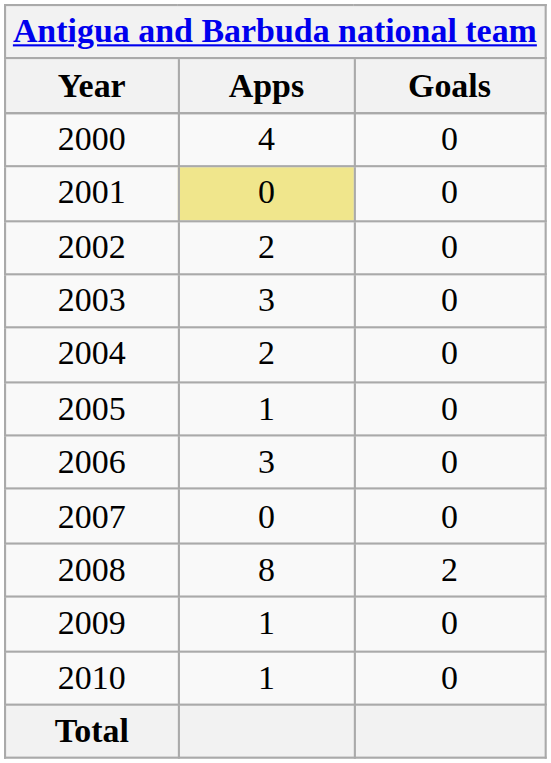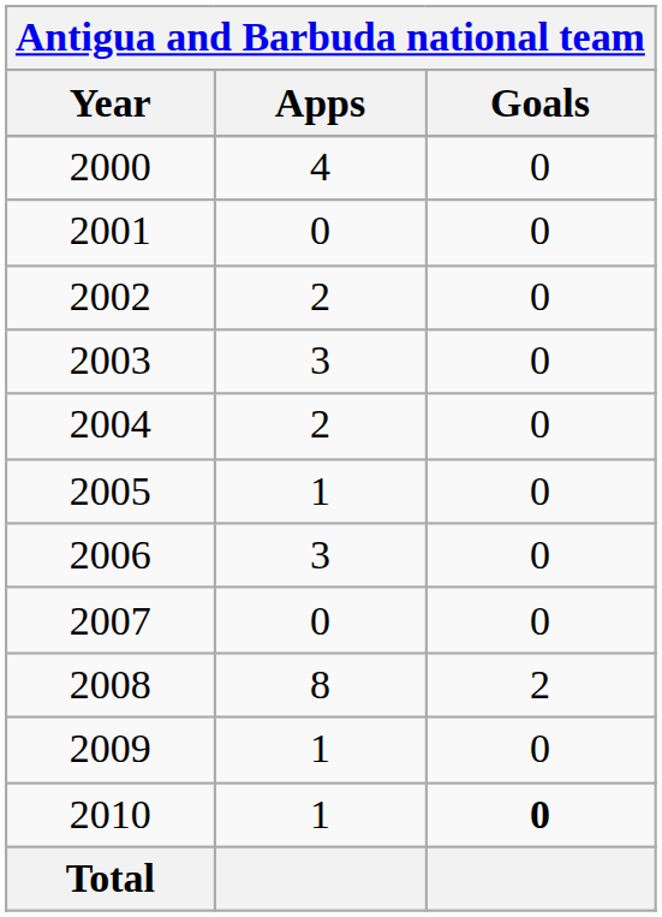 <table class="wikitable" style="text-align:center">
 <tr>
 <th colspan=3><a href='#'>Antigua and Barbuda national team</a></th>
 </tr>
 <tr>
 <th>Year</th>
 <th>Apps</th>
 <th>Goals</th>
 </tr>
 <tr>
 </tr>
 <tr>
 <td>2000</td>
 <td>4</td>
 <td>0</td>
 </tr>
 <tr>
 <td>2001</td>
-<td style="background: khaki;">0</td>
+<td>0</td>
 <td>0</td>
 </tr>
 <tr>
 <td>2002</td>
 <td>2</td>
 <td>0</td>
 </tr>
 <tr>
 <td>2003</td>
 <td>3</td>
 <td>0</td>
 </tr>
 <tr>
 <td>2004</td>
 <td>2</td>
 <td>0</td>
 </tr>
 <tr>
 <td>2005</td>
 <td>1</td>
 <td>0</td>
 </tr>
 <tr>
 <td>2006</td>
 <td>3</td>
 <td>0</td>
 </tr>
 <tr>
 <td>2007</td>
 <td>0</td>
 <td>0</td>
 </tr>
 <tr>
 <td>2008</td>
 <td>8</td>
 <td>2</td>
 </tr>
 <tr>
 <td>2009</td>
 <td>1</td>
 <td>0</td>
 </tr>
 <tr>
 <td>2010</td>
 <td>1</td>
-<td>0</td>
+<td><strong>0</strong></td>
 </tr>
 <tr>
 <th>Total</th>
 <th></th>
 <th></th>
 </tr>
 </table>
